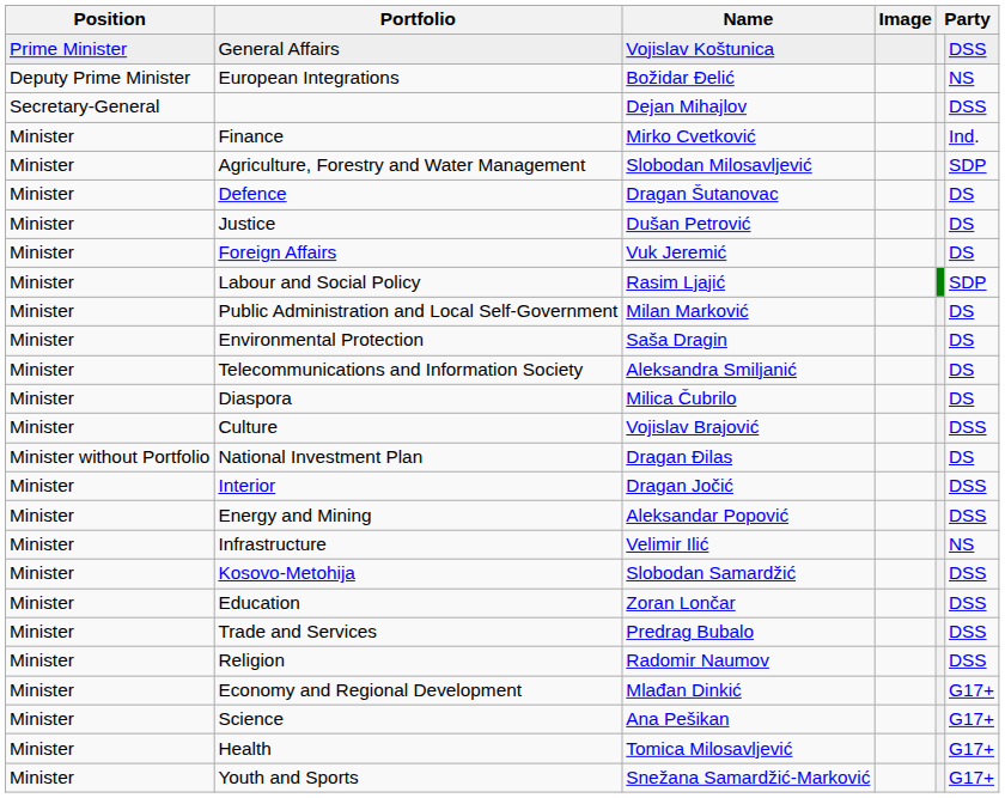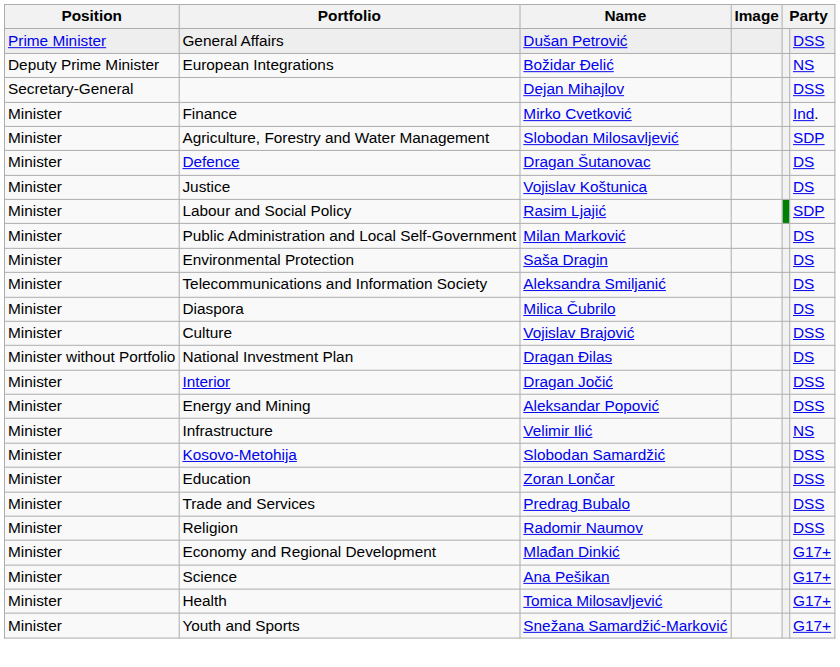 <table class="wikitable">
 <tr>
 <th>Position</th>
 <th>Portfolio</th>
 <th>Name</th>
 <th>Image</th>
 <th colspan="2">Party</th>
 </tr>
 <tr bgcolor="#EEEEEE">
 <td><a href='#'>Prime Minister</a></td>
 <td>General Affairs</td>
-<td><a href='#'>Vojislav Koštunica</a></td>
+<td><a href='#'>Dušan Petrović</a></td>
 <td></td>
 <th style="background:"></th>
 <td><a href='#'>DSS</a></td>
 </tr>
 <tr>
 <td>Deputy Prime Minister</td>
 <td>European Integrations</td>
 <td><a href='#'>Božidar Đelić</a></td>
 <td></td>
 <th style="background:"></th>
 <td><a href='#'>NS</a></td>
 </tr>
 <tr>
 <td>Secretary-General</td>
 <td></td>
 <td><a href='#'>Dejan Mihajlov</a></td>
 <td></td>
 <th style="background:"></th>
 <td><a href='#'>DSS</a></td>
 </tr>
 <tr>
 <td>Minister</td>
 <td>Finance</td>
 <td><a href='#'>Mirko Cvetković</a></td>
 <td></td>
 <th style="background:"></th>
 <td><a href='#'>Ind</a>.</td>
 </tr>
 <tr>
 <td>Minister</td>
 <td>Agriculture, Forestry and Water Management</td>
 <td><a href='#'>Slobodan Milosavljević</a></td>
 <td></td>
 <th style="background:"></th>
 <td><a href='#'>SDP</a></td>
 </tr>
 <tr>
 <td>Minister</td>
 <td><a href='#'>Defence</a></td>
 <td><a href='#'>Dragan Šutanovac</a></td>
 <td></td>
 <th style="background:"></th>
 <td><a href='#'>DS</a></td>
 </tr>
 <tr>
 <td>Minister</td>
 <td>Justice</td>
-<td><a href='#'>Dušan Petrović</a></td>
-<td></td>
-<th style="background:"></th>
-<td><a href='#'>DS</a></td>
-</tr>
-<tr>
-<td>Minister</td>
-<td><a href='#'>Foreign Affairs</a></td>
-<td><a href='#'>Vuk Jeremić</a></td>
+<td><a href='#'>Vojislav Koštunica</a></td>
 <td></td>
 <th style="background:"></th>
 <td><a href='#'>DS</a></td>
 </tr>
 <tr>
 <td>Minister</td>
 <td>Labour and Social Policy</td>
 <td><a href='#'>Rasim Ljajić</a></td>
 <td></td>
 <th style="background:green;"></th>
 <td><a href='#'>SDP</a></td>
 </tr>
 <tr>
 <td>Minister</td>
 <td>Public Administration and Local Self-Government</td>
 <td><a href='#'>Milan Marković</a></td>
 <td></td>
 <th style="background:"></th>
 <td><a href='#'>DS</a></td>
 </tr>
 <tr>
 <td>Minister</td>
 <td>Environmental Protection</td>
 <td><a href='#'>Saša Dragin</a></td>
 <td></td>
 <th style="background:"></th>
 <td><a href='#'>DS</a></td>
 </tr>
 <tr>
 <td>Minister</td>
 <td>Telecommunications and Information Society</td>
 <td><a href='#'>Aleksandra Smiljanić</a></td>
 <td></td>
 <th style="background:"></th>
 <td><a href='#'>DS</a></td>
 </tr>
 <tr>
 <td>Minister</td>
 <td>Diaspora</td>
 <td><a href='#'>Milica Čubrilo</a></td>
 <td></td>
 <th style="background:"></th>
 <td><a href='#'>DS</a></td>
 </tr>
 <tr>
 <td>Minister</td>
 <td>Culture</td>
 <td><a href='#'>Vojislav Brajović</a></td>
 <td></td>
 <th style="background:"></th>
 <td><a href='#'>DSS</a></td>
 </tr>
 <tr>
 <td>Minister without Portfolio</td>
 <td>National Investment Plan</td>
 <td><a href='#'>Dragan Đilas</a></td>
 <td></td>
 <th style="background:"></th>
 <td><a href='#'>DS</a></td>
 </tr>
 <tr>
 <td>Minister</td>
 <td><a href='#'>Interior</a></td>
 <td><a href='#'>Dragan Jočić</a></td>
 <td></td>
 <th style="background:"></th>
 <td><a href='#'>DSS</a></td>
 </tr>
 <tr>
 <td>Minister</td>
 <td>Energy and Mining</td>
 <td><a href='#'>Aleksandar Popović</a></td>
 <td></td>
 <th style="background:"></th>
 <td><a href='#'>DSS</a></td>
 </tr>
 <tr>
 <td>Minister</td>
 <td>Infrastructure</td>
 <td><a href='#'>Velimir Ilić</a></td>
 <td></td>
 <th style="background:"></th>
 <td><a href='#'>NS</a></td>
 </tr>
 <tr>
 <td>Minister</td>
 <td><a href='#'>Kosovo-Metohija</a></td>
 <td><a href='#'>Slobodan Samardžić</a></td>
 <td></td>
 <th style="background:"></th>
 <td><a href='#'>DSS</a></td>
 </tr>
 <tr>
 <td>Minister</td>
 <td>Education</td>
 <td><a href='#'>Zoran Lončar</a></td>
 <td></td>
 <th style="background:"></th>
 <td><a href='#'>DSS</a></td>
 </tr>
 <tr>
 <td>Minister</td>
 <td>Trade and Services</td>
 <td><a href='#'>Predrag Bubalo</a></td>
 <td></td>
 <th style="background:"></th>
 <td><a href='#'>DSS</a></td>
 </tr>
 <tr>
 <td>Minister</td>
 <td>Religion</td>
 <td><a href='#'>Radomir Naumov</a></td>
 <td></td>
 <th style="background:"></th>
 <td><a href='#'>DSS</a></td>
 </tr>
 <tr>
 <td>Minister</td>
 <td>Economy and Regional Development</td>
 <td><a href='#'>Mlađan Dinkić</a></td>
 <td></td>
 <th style="background:"></th>
 <td><a href='#'>G17+</a></td>
 </tr>
 <tr>
 <td>Minister</td>
 <td>Science</td>
 <td><a href='#'>Ana Pešikan</a></td>
 <td></td>
 <th style="background:"></th>
 <td><a href='#'>G17+</a></td>
 </tr>
 <tr>
 <td>Minister</td>
 <td>Health</td>
 <td><a href='#'>Tomica Milosavljević</a></td>
 <td></td>
 <th style="background:"></th>
 <td><a href='#'>G17+</a></td>
 </tr>
 <tr>
 <td>Minister</td>
 <td>Youth and Sports</td>
 <td><a href='#'>Snežana Samardžić-Marković</a></td>
 <td></td>
 <th style="background:"></th>
 <td><a href='#'>G17+</a></td>
 </tr>
 </table>
